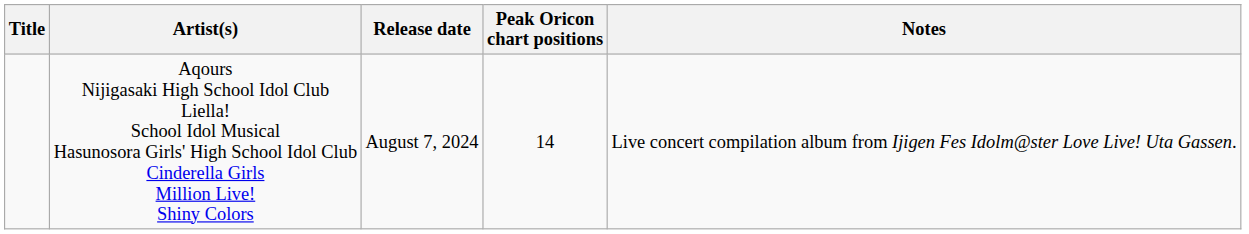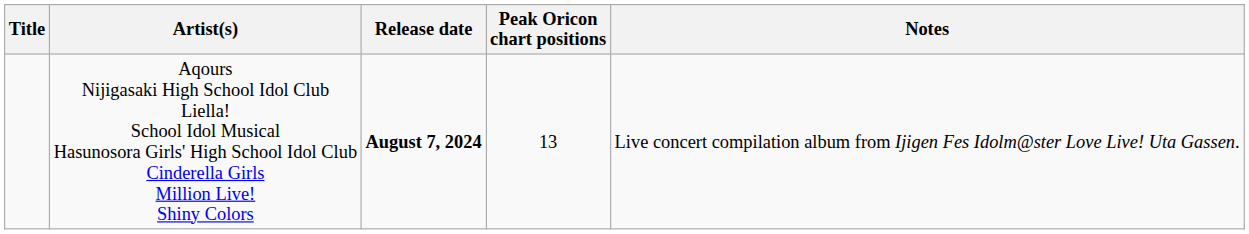 <table class="wikitable" style="text-align:center;">
 <tr>
 <th scope="col" rowspan="1">Title</th>
 <th scope="col" rowspan="1">Artist(s)</th>
 <th scope="col" colspan="1">Release date</th>
 <th scope="col" rowspan="1">Peak Oricon<br>chart positions<br></th>
 <th scope="col" rowspan="1">Notes</th>
 </tr>
 <tr>
 <td></td>
 <td>Aqours<br>Nijigasaki High School Idol Club<br>Liella!<br>School Idol Musical<br>Hasunosora Girls' High School Idol Club<br><a href='#'>Cinderella Girls</a><br><a href='#'>Million Live!</a><br><a href='#'>Shiny Colors</a></td>
-<td>August 7, 2024</td>
-<td>14</td>
+<td><strong>August 7, 2024</strong></td>
+<td>13</td>
 <td>Live concert compilation album from <em>Ijigen Fes Idolm@ster Love Live! Uta Gassen</em>.</td>
 </tr>
 </table>
